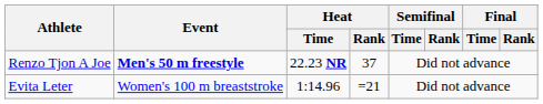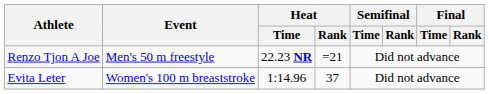 <table class=wikitable style="font-size:90%">
 <tr>
 <th rowspan="2">Athlete</th>
 <th rowspan="2">Event</th>
 <th colspan="2">Heat</th>
 <th colspan="2">Semifinal</th>
 <th colspan="2">Final</th>
 </tr>
 <tr style="font-size:95%">
 <th>Time</th>
 <th>Rank</th>
 <th>Time</th>
 <th>Rank</th>
 <th>Time</th>
 <th>Rank</th>
 </tr>
 <tr align=center>
 <td align=left><a href='#'>Renzo Tjon A Joe</a></td>
-<td align=left><strong><a href='#'>Men's 50 m freestyle</a></strong></td>
+<td align=left><a href='#'>Men's 50 m freestyle</a></td>
 <td>22.23 <strong><a href='#'>NR</a></strong></td>
-<td>37</td>
+<td>=21</td>
 <td colspan=4>Did not advance</td>
 </tr>
 <tr align=center>
 <td align=left><a href='#'>Evita Leter</a></td>
 <td align=left><a href='#'>Women's 100 m breaststroke</a></td>
 <td>1:14.96</td>
-<td>=21</td>
+<td>37</td>
 <td colspan=4>Did not advance</td>
 </tr>
 </table>
